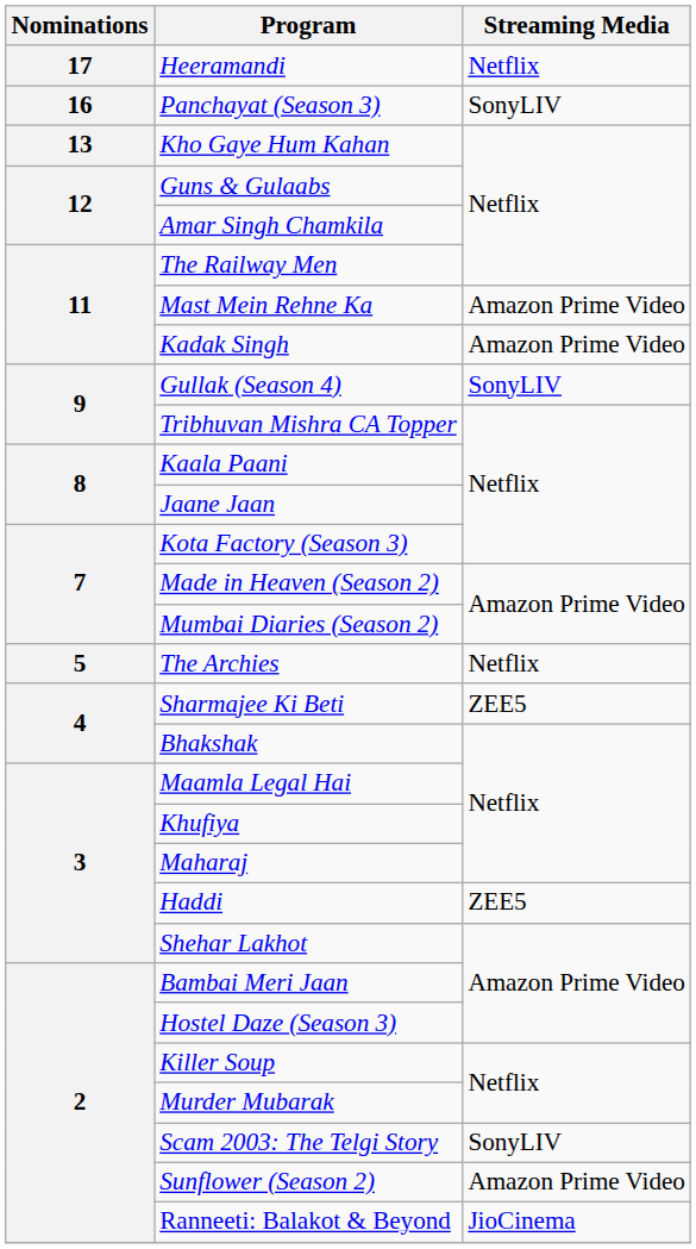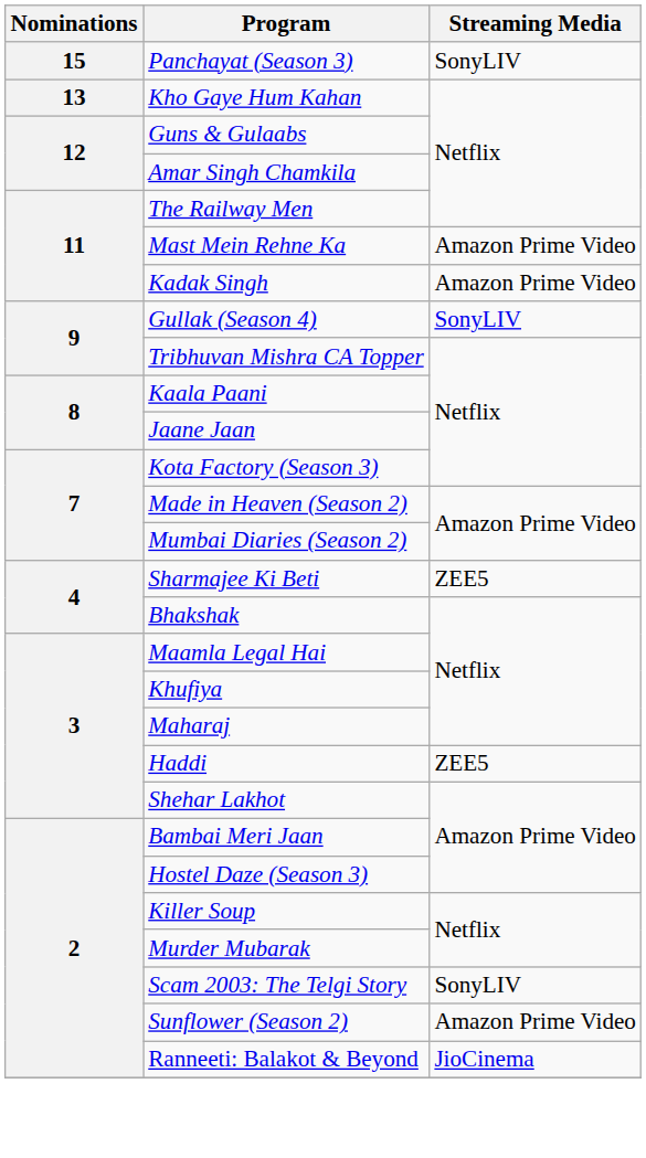 <table class="wikitable" style="display:inline-table;">
 <tr>
 <th>Nominations</th>
 <th>Program</th>
 <th>Streaming Media</th>
 </tr>
 <tr>
-<th>17</th>
-<td><em><a href='#'>Heeramandi</a></em></td>
-<td><a href='#'>Netflix</a></td>
-</tr>
-<tr>
-<th>16</th>
+<th>15</th>
 <td><a href='#'><em>Panchayat (Season 3)</em></a></td>
 <td>SonyLIV</td>
 </tr>
 <tr>
 <th>13</th>
 <td><em><a href='#'>Kho Gaye Hum Kahan</a></em></td>
 <td rowspan="4">Netflix</td>
 </tr>
 <tr>
 <th rowspan="2">12</th>
 <td><em><a href='#'>Guns & Gulaabs</a></em></td>
 </tr>
 <tr>
 <td><em><a href='#'>Amar Singh Chamkila</a></em></td>
 </tr>
 <tr>
 <th rowspan="3">11</th>
 <td><em><a href='#'>The Railway Men</a></em></td>
 </tr>
 <tr>
 <td><em><a href='#'>Mast Mein Rehne Ka</a></em></td>
 <td>Amazon Prime Video</td>
 </tr>
 <tr>
 <td><em><a href='#'>Kadak Singh</a></em></td>
 <td>Amazon Prime Video</td>
 </tr>
 <tr>
 <th rowspan="2">9</th>
 <td><a href='#'><em>Gullak (Season 4)</em></a></td>
 <td><a href='#'>SonyLIV</a></td>
 </tr>
 <tr>
 <td><em><a href='#'>Tribhuvan Mishra CA Topper</a></em></td>
 <td rowspan = "4">Netflix</td>
 </tr>
 <tr>
 <th rowspan="2">8</th>
 <td><em><a href='#'>Kaala Paani</a></em></td>
 </tr>
 <tr>
 <td><em><a href='#'>Jaane Jaan</a></em></td>
 </tr>
 <tr>
 <th rowspan="3">7</th>
 <td><a href='#'><em>Kota Factory (Season 3)</em></a></td>
 </tr>
 <tr>
 <td><a href='#'><em>Made in Heaven (Season 2)</em></a></td>
 <td rowspan = "2">Amazon Prime Video</td>
 </tr>
 <tr>
 <td><a href='#'><em>Mumbai Diaries (Season 2)</em></a></td>
-</tr>
-<tr>
-<th>5</th>
-<td><em><a href='#'>The Archies</a></em></td>
-<td>Netflix</td>
 </tr>
 <tr>
 <th rowspan="2">4</th>
 <td><em><a href='#'>Sharmajee Ki Beti</a></em></td>
 <td>ZEE5</td>
 </tr>
 <tr>
 <td><em><a href='#'>Bhakshak</a></em></td>
 <td rowspan = "4">Netflix</td>
 </tr>
 <tr>
 <th rowspan="5">3</th>
 <td><em><a href='#'>Maamla Legal Hai</a></em></td>
 </tr>
 <tr>
 <td><em><a href='#'>Khufiya</a></em></td>
 </tr>
 <tr>
 <td><em><a href='#'>Maharaj</a></em></td>
 </tr>
 <tr>
 <td><em><a href='#'>Haddi</a></em></td>
 <td>ZEE5</td>
 </tr>
 <tr>
 <td><em><a href='#'>Shehar Lakhot</a></em></td>
 <td rowspan = "3">Amazon Prime Video</td>
 </tr>
 <tr>
 <th rowspan="7">2</th>
 <td><em><a href='#'>Bambai Meri Jaan</a></em></td>
 </tr>
 <tr>
 <td><a href='#'><em>Hostel Daze (Season 3)</em></a></td>
 </tr>
 <tr>
 <td><em><a href='#'>Killer Soup</a></em></td>
 <td rowspan="2">Netflix</td>
 </tr>
 <tr>
 <td><em><a href='#'>Murder Mubarak</a></em></td>
 </tr>
 <tr>
 <td><em><a href='#'>Scam 2003: The Telgi Story</a></em></td>
 <td>SonyLIV</td>
 </tr>
 <tr>
 <td><a href='#'><em>Sunflower (Season 2)</em></a></td>
 <td>Amazon Prime Video</td>
 </tr>
 <tr>
 <td><a href='#'>Ranneeti: Balakot & Beyond</a></td>
 <td><a href='#'>JioCinema</a></td>
 </tr>
 <tr>
 </tr>
 </table>
